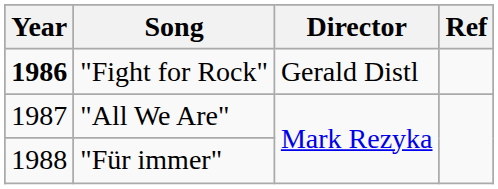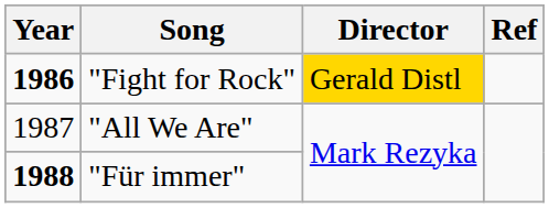 <table class="wikitable">
 <tr>
 <th>Year</th>
 <th>Song</th>
 <th>Director</th>
 <th>Ref</th>
 </tr>
 <tr>
 <td><strong>1986</strong></td>
 <td>"Fight for Rock"</td>
-<td>Gerald Distl</td>
+<td style="background: gold;">Gerald Distl</td>
 <td></td>
 </tr>
 <tr>
 <td>1987</td>
 <td>"All We Are"</td>
 <td rowspan="2"><a href='#'>Mark Rezyka</a></td>
 <td rowspan="2"></td>
 </tr>
 <tr>
-<td>1988</td>
+<td><strong>1988</strong></td>
 <td>"Für immer"</td>
 </tr>
 </table>
